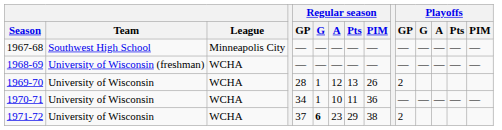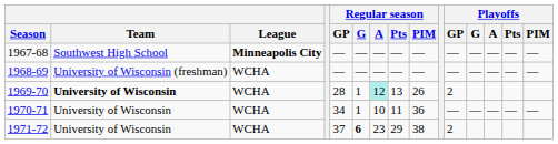 <table class="wikitable">
 <tr>
 <th colspan="3"></th>
 <th rowspan="104"></th>
 <th colspan="5"><a href='#'>Regular season</a></th>
 <th rowspan="104"></th>
 <th colspan="5"><a href='#'>Playoffs</a></th>
 </tr>
 <tr>
 <th><a href='#'>Season</a></th>
 <th>Team</th>
 <th>League</th>
 <th>GP</th>
 <th><a href='#'>G</a></th>
 <th><a href='#'>A</a></th>
 <th><a href='#'>Pts</a></th>
 <th><a href='#'>PIM</a></th>
 <th>GP</th>
 <th>G</th>
 <th>A</th>
 <th>Pts</th>
 <th>PIM</th>
 </tr>
 <tr>
 <td>1967-68</td>
 <td><a href='#'>Southwest High School</a></td>
-<td>Minneapolis City</td>
+<td><strong>Minneapolis City</strong></td>
 <td>—</td>
 <td>—</td>
 <td>—</td>
 <td>—</td>
 <td>—</td>
 <td>—</td>
 <td>—</td>
 <td>—</td>
 <td>—</td>
 <td>—</td>
 </tr>
 <tr>
 <td><a href='#'>1968-69</a></td>
 <td><a href='#'>University of Wisconsin</a> (freshman)</td>
 <td>WCHA</td>
 <td>—</td>
 <td>—</td>
 <td>—</td>
 <td>—</td>
 <td>—</td>
 <td>—</td>
 <td>—</td>
 <td>—</td>
 <td>—</td>
 <td>—</td>
 </tr>
 <tr>
 <td><a href='#'>1969-70</a></td>
-<td>University of Wisconsin</td>
+<td><strong>University of Wisconsin</strong></td>
 <td>WCHA</td>
 <td>28</td>
 <td>1</td>
-<td>12</td>
+<td style="background: paleturquoise;">12</td>
 <td>13</td>
 <td>26</td>
 <td>2</td>
 <td></td>
 <td></td>
 <td></td>
 <td></td>
 </tr>
 <tr>
 <td><a href='#'>1970-71</a></td>
 <td>University of Wisconsin</td>
 <td>WCHA</td>
 <td>34</td>
 <td>1</td>
 <td>10</td>
 <td>11</td>
 <td>36</td>
 <td>—</td>
 <td>—</td>
 <td>—</td>
 <td>—</td>
 <td>—</td>
 </tr>
 <tr>
 <td><a href='#'>1971-72</a></td>
 <td>University of Wisconsin</td>
 <td>WCHA</td>
 <td>37</td>
 <td><strong>6</strong></td>
 <td>23</td>
 <td>29</td>
 <td>38</td>
 <td>2</td>
 <td></td>
 <td></td>
 <td></td>
 <td></td>
 </tr>
 </table>
